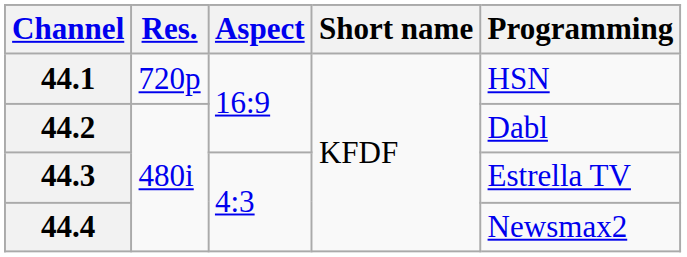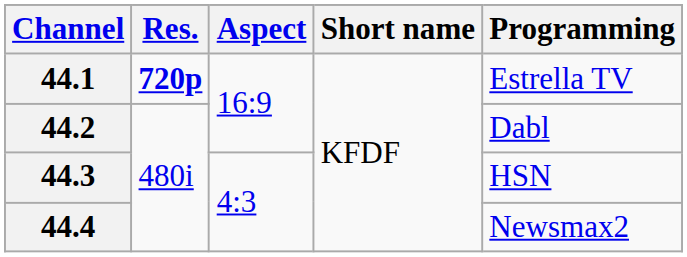 <table class="wikitable">
 <tr>
 <th><a href='#'>Channel</a></th>
 <th><a href='#'>Res.</a></th>
 <th><a href='#'>Aspect</a></th>
 <th>Short name</th>
 <th>Programming</th>
 </tr>
 <tr>
 <th scope = "row">44.1</th>
-<td><a href='#'>720p</a></td>
+<td><strong><a href='#'>720p</a></strong></td>
 <td rowspan=2><a href='#'>16:9</a></td>
 <td rowspan=4>KFDF</td>
-<td><a href='#'>HSN</a></td>
+<td><a href='#'>Estrella TV</a></td>
 </tr>
 <tr>
 <th scope = "row">44.2</th>
 <td rowspan=3><a href='#'>480i</a></td>
 <td><a href='#'>Dabl</a></td>
 </tr>
 <tr>
 <th scope = "row">44.3</th>
 <td rowspan=2><a href='#'>4:3</a></td>
-<td><a href='#'>Estrella TV</a></td>
+<td><a href='#'>HSN</a></td>
 </tr>
 <tr>
 <th scope = "row">44.4</th>
 <td><a href='#'>Newsmax2</a></td>
 </tr>
 </table>
